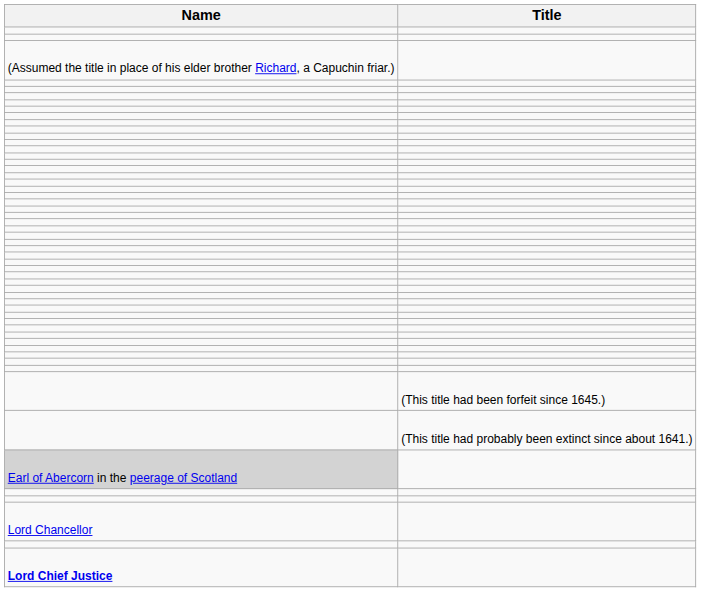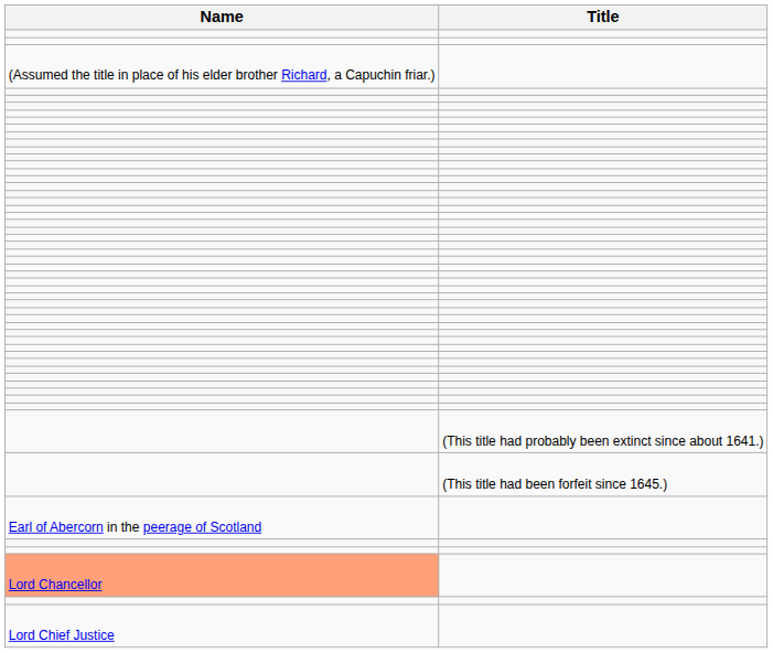 <table class="wikitable sortable">
 <tr>
 <th>Name</th>
 <th>Title</th>
 </tr>
 <tr>
 <td></td>
 <td></td>
 </tr>
 <tr>
 <td></td>
 <td></td>
 </tr>
 <tr>
 <td><br><small>(Assumed the title in place of his elder brother <a href='#'>Richard</a>, a Capuchin friar.)</small></td>
 <td></td>
 </tr>
 <tr>
 <td></td>
 <td></td>
 </tr>
 <tr>
 <td></td>
 <td></td>
 </tr>
 <tr>
 <td></td>
 <td></td>
 </tr>
 <tr>
 <td></td>
 <td></td>
 </tr>
 <tr>
 <td></td>
 <td></td>
 </tr>
 <tr>
 <td></td>
 <td></td>
 </tr>
 <tr>
 <td></td>
 <td></td>
 </tr>
 <tr>
 <td></td>
 <td></td>
 </tr>
 <tr>
 <td></td>
 <td></td>
 </tr>
 <tr>
 <td></td>
 <td></td>
 </tr>
 <tr>
 <td></td>
 <td></td>
 </tr>
 <tr>
 <td></td>
 <td></td>
 </tr>
 <tr>
 <td></td>
 <td></td>
 </tr>
 <tr>
 <td></td>
 <td></td>
 </tr>
 <tr>
 <td></td>
 <td></td>
 </tr>
 <tr>
 <td></td>
 <td></td>
 </tr>
 <tr>
 <td></td>
 <td></td>
 </tr>
 <tr>
 <td></td>
 <td></td>
 </tr>
 <tr>
 <td></td>
 <td></td>
 </tr>
 <tr>
 <td></td>
 <td></td>
 </tr>
 <tr>
 <td></td>
 <td></td>
 </tr>
 <tr>
 <td></td>
 <td></td>
 </tr>
 <tr>
 <td></td>
 <td></td>
 </tr>
 <tr>
 <td></td>
 <td></td>
 </tr>
 <tr>
 <td></td>
 <td></td>
 </tr>
 <tr>
 <td></td>
 <td></td>
 </tr>
 <tr>
 <td></td>
 <td></td>
 </tr>
 <tr>
 <td></td>
 <td></td>
 </tr>
 <tr>
 <td></td>
 <td></td>
 </tr>
 <tr>
 <td></td>
 <td></td>
 </tr>
 <tr>
 <td></td>
 <td></td>
 </tr>
 <tr>
 <td></td>
 <td></td>
 </tr>
 <tr>
 <td></td>
 <td></td>
 </tr>
 <tr>
 <td></td>
 <td></td>
 </tr>
 <tr>
 <td></td>
 <td></td>
 </tr>
 <tr>
 <td></td>
 <td></td>
 </tr>
 <tr>
 <td></td>
 <td></td>
 </tr>
 <tr>
 <td></td>
 <td></td>
 </tr>
 <tr>
 <td></td>
 <td></td>
 </tr>
 <tr>
 <td></td>
 <td></td>
 </tr>
 <tr>
 <td></td>
 <td></td>
 </tr>
 <tr>
 <td></td>
 <td></td>
 </tr>
 <tr>
 <td></td>
 <td></td>
 </tr>
 <tr>
 <td></td>
 <td></td>
 </tr>
 <tr>
 <td></td>
+<td><br><small>(This title had probably been extinct since about 1641.)</small></td>
+</tr>
+<tr>
+<td></td>
 <td><br><small>(This title had been forfeit since 1645.)</small></td>
 </tr>
 <tr>
-<td></td>
-<td><br><small>(This title had probably been extinct since about 1641.)</small></td>
-</tr>
-<tr>
-<td style="background: lightgrey;"><br><small><a href='#'>Earl of Abercorn</a> in the <a href='#'>peerage of Scotland</a></small></td>
+<td><br><small><a href='#'>Earl of Abercorn</a> in the <a href='#'>peerage of Scotland</a></small></td>
 <td></td>
 </tr>
 <tr>
 <td></td>
 <td></td>
 </tr>
 <tr>
 <td></td>
 <td></td>
 </tr>
 <tr>
-<td><br><small><a href='#'>Lord Chancellor</a></small></td>
+<td style="background: lightsalmon;"><br><small><a href='#'>Lord Chancellor</a></small></td>
 <td></td>
 </tr>
 <tr>
 <td></td>
 <td></td>
 </tr>
 <tr>
-<td><strong><br><small><a href='#'>Lord Chief Justice</a></small></strong></td>
+<td><br><small><a href='#'>Lord Chief Justice</a></small></td>
 <td></td>
 </tr>
 </table>
